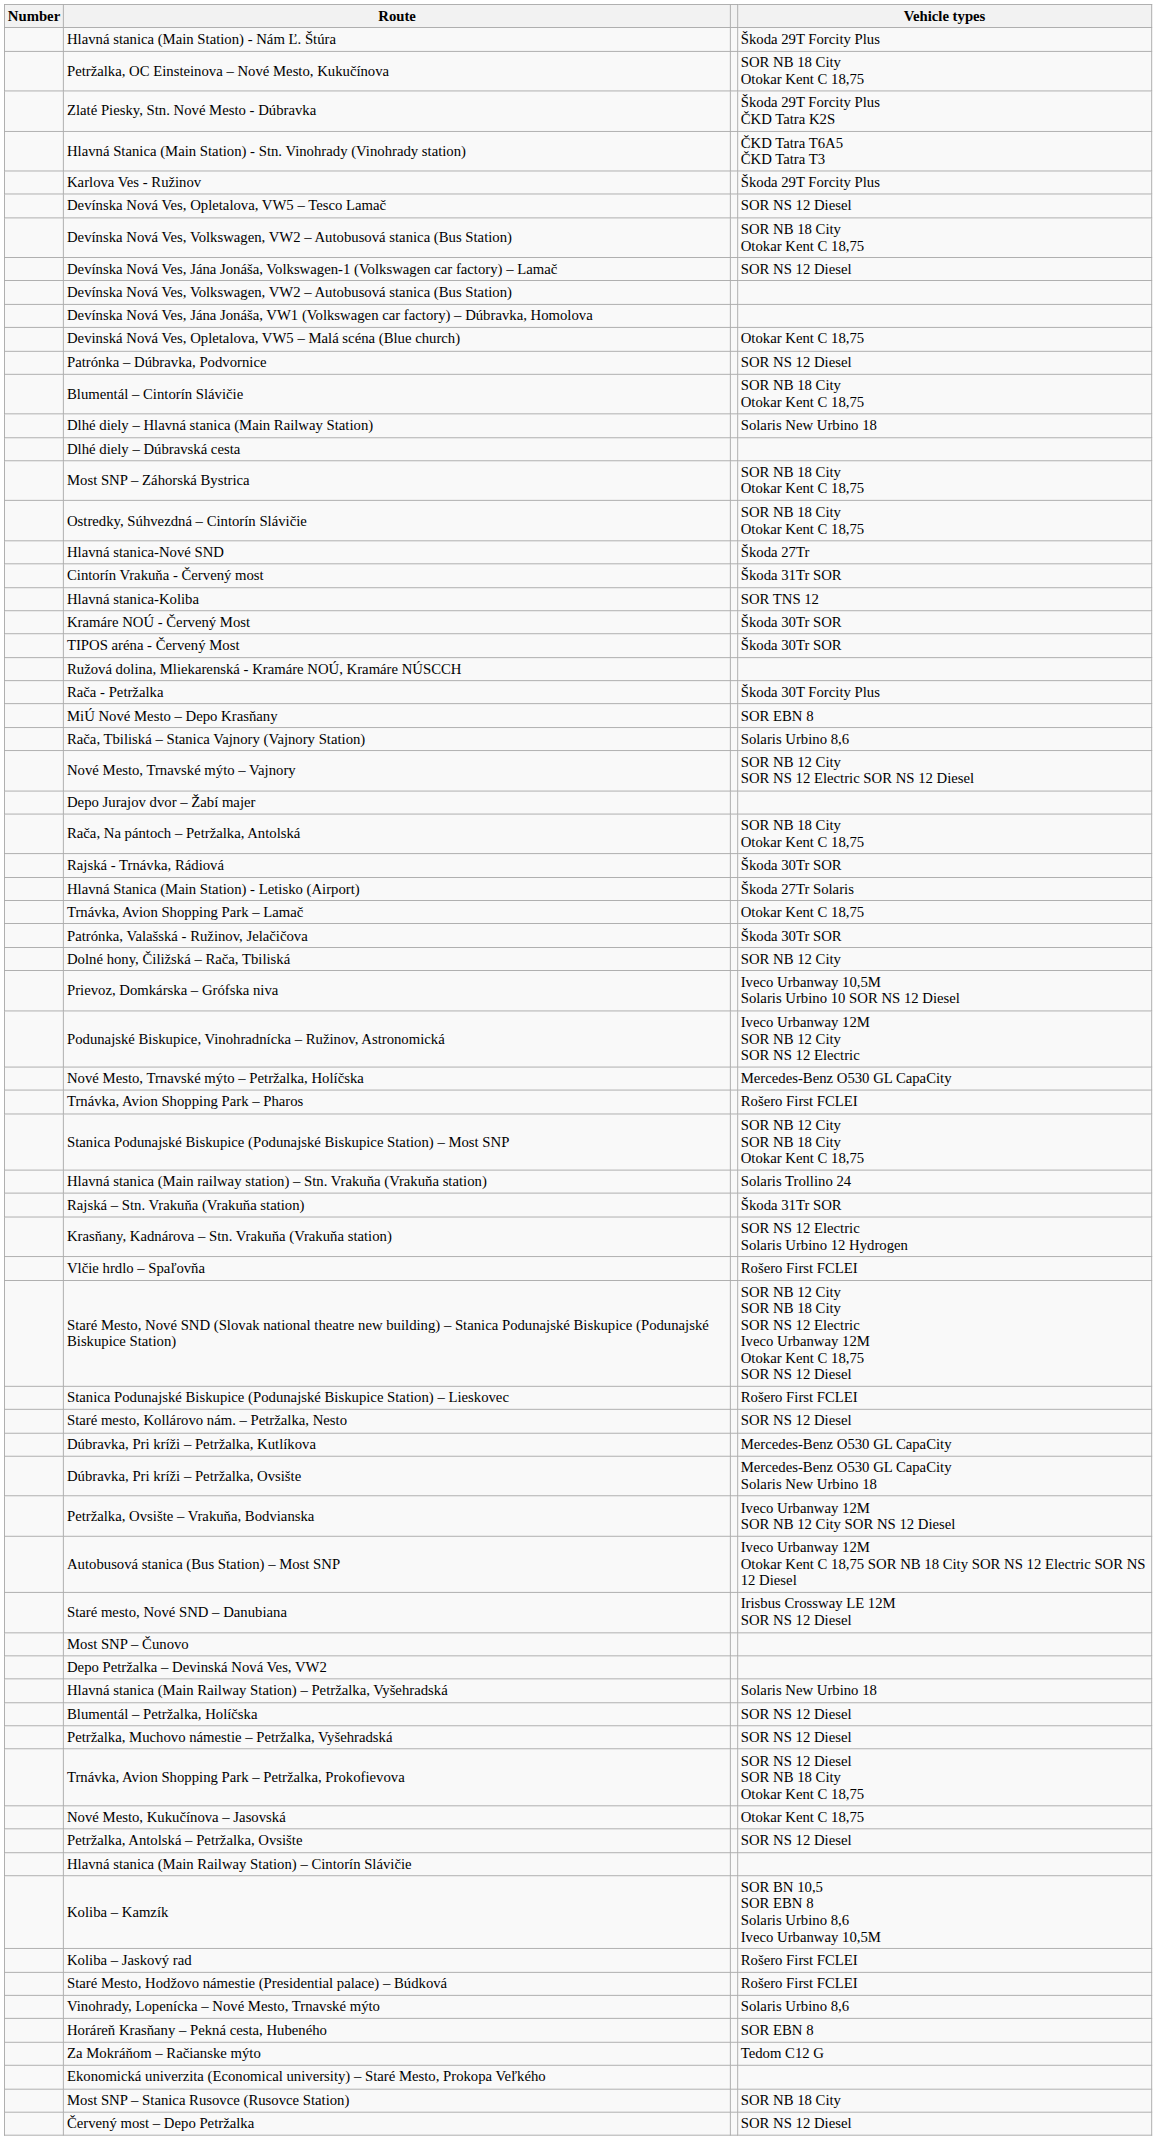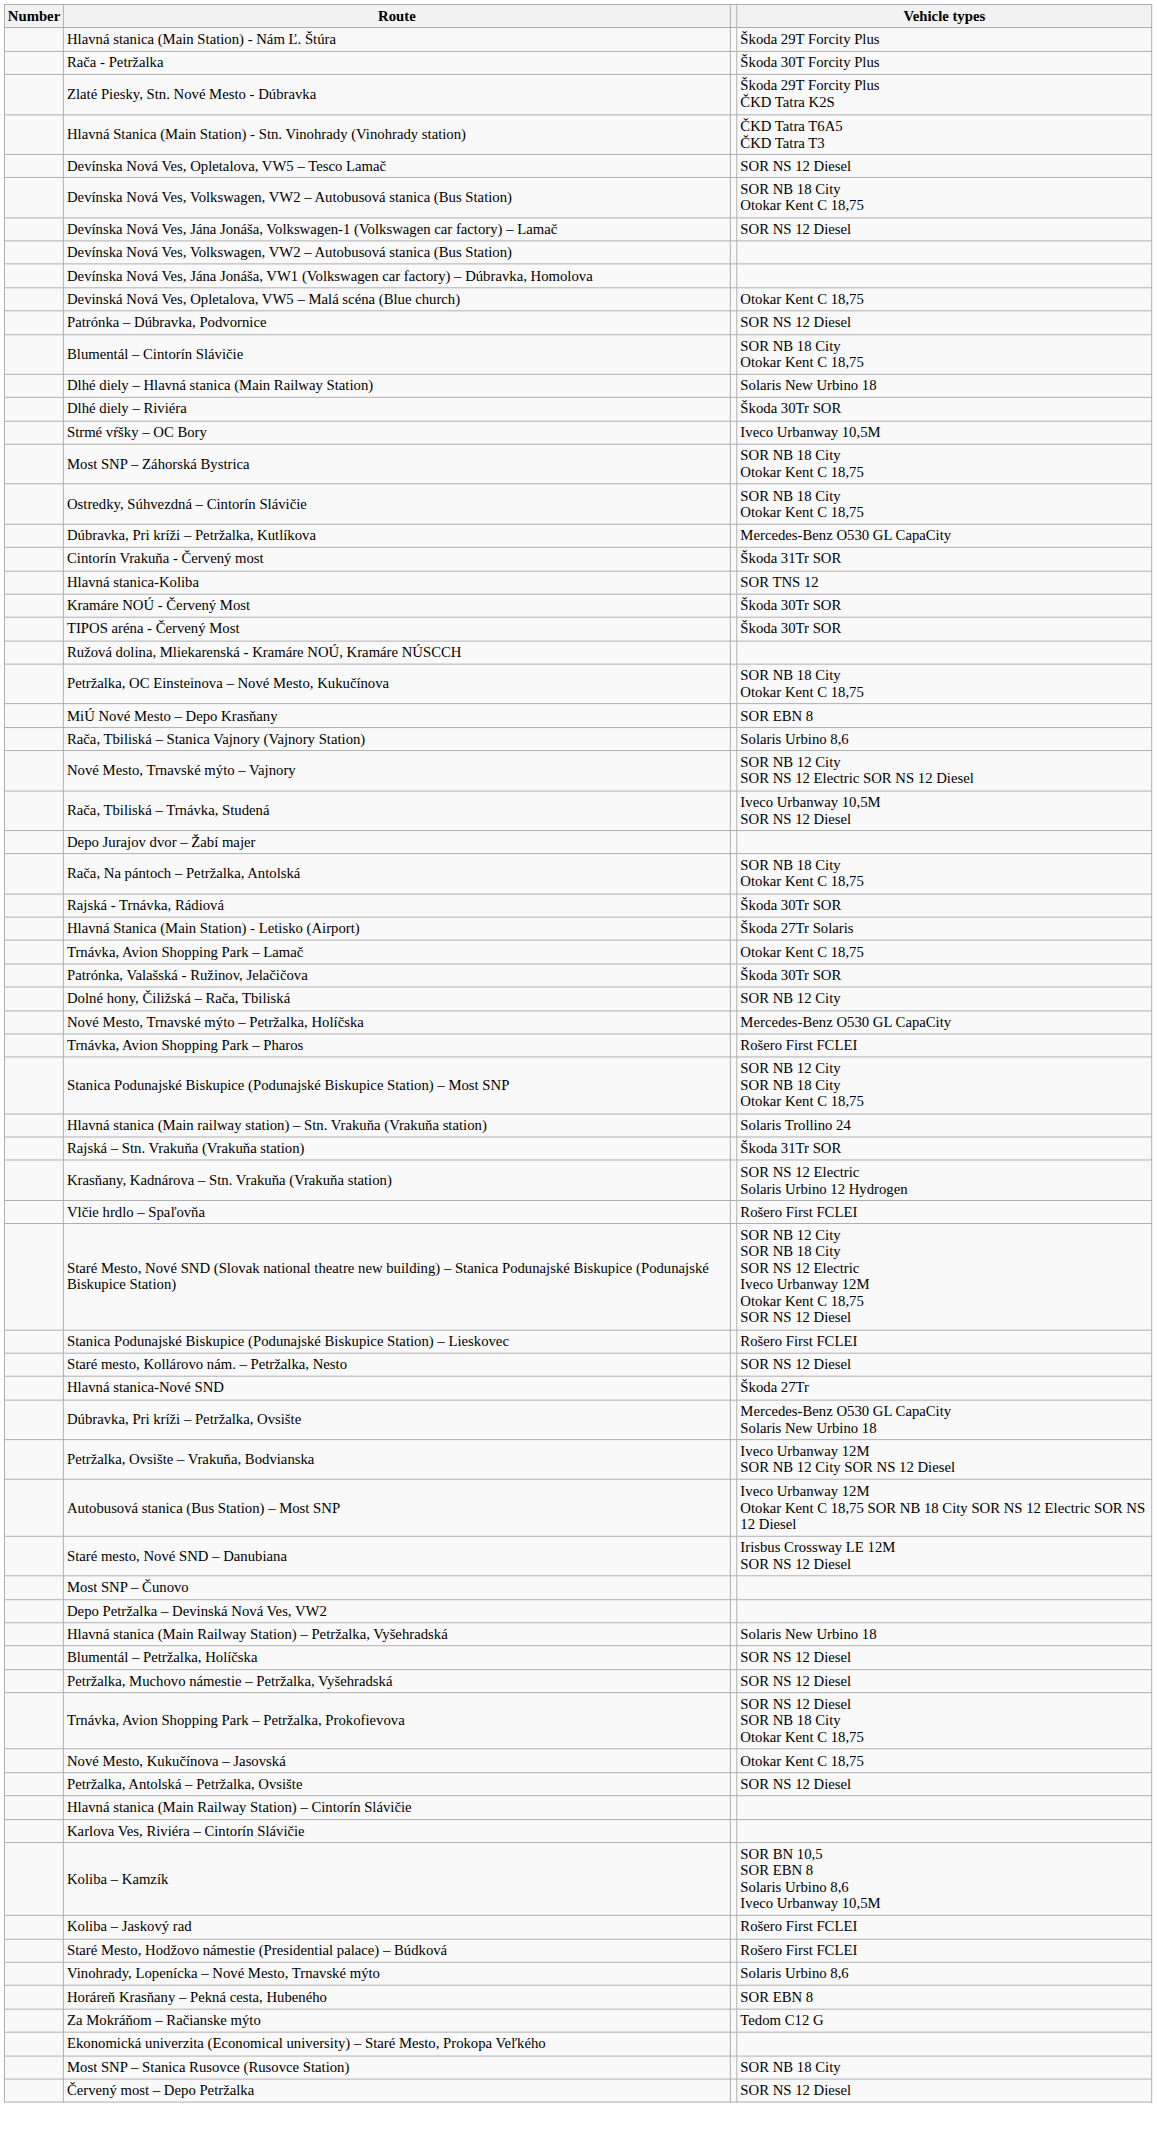 <table class="wikitable sortable">
 <tr>
 <th>Number</th>
 <th>Route</th>
 <th><abbr></abbr></th>
 <th>Vehicle types</th>
 </tr>
 <tr>
 <td><div></div></td>
 <td>Hlavná stanica (Main Station) - Nám Ľ. Štúra</td>
 <td></td>
 <td>Škoda 29T Forcity Plus</td>
 </tr>
 <tr>
 <td><div></div></td>
-<td>Petržalka, OC Einsteinova – Nové Mesto, Kukučínova</td>
+<td>Rača - Petržalka</td>
 <td></td>
-<td>SOR NB 18 City<br>Otokar Kent C 18,75</td>
+<td>Škoda 30T Forcity Plus</td>
 </tr>
 <tr>
 <td><div></div></td>
 <td>Zlaté Piesky, Stn. Nové Mesto - Dúbravka</td>
 <td></td>
 <td>Škoda 29T Forcity Plus<br>ČKD Tatra K2S</td>
 </tr>
 <tr>
 <td><div></div></td>
 <td>Hlavná Stanica (Main Station) - Stn. Vinohrady (Vinohrady station)</td>
 <td></td>
 <td>ČKD Tatra T6A5<br>ČKD Tatra T3</td>
-</tr>
-<tr>
-<td><div></div></td>
-<td>Karlova Ves - Ružinov</td>
-<td></td>
-<td>Škoda 29T Forcity Plus</td>
 </tr>
 <tr>
 <td><div></div></td>
 <td>Devínska Nová Ves, Opletalova, VW5 – Tesco Lamač</td>
 <td></td>
 <td>SOR NS 12 Diesel</td>
 </tr>
 <tr>
 <td><div></div></td>
 <td>Devínska Nová Ves, Volkswagen, VW2 – Autobusová stanica (Bus Station)</td>
 <td></td>
 <td>SOR NB 18 City<br>Otokar Kent C 18,75</td>
 </tr>
 <tr>
 <td><div></div></td>
 <td>Devínska Nová Ves, Jána Jonáša, Volkswagen-1 (Volkswagen car factory) – Lamač</td>
 <td></td>
 <td>SOR NS 12 Diesel</td>
 </tr>
 <tr>
 <td><div></div></td>
 <td>Devínska Nová Ves, Volkswagen, VW2 – Autobusová stanica (Bus Station)</td>
 <td></td>
 <td></td>
 </tr>
 <tr>
 <td><div></div></td>
 <td>Devínska Nová Ves, Jána Jonáša, VW1 (Volkswagen car factory) – Dúbravka, Homolova</td>
 <td></td>
 <td></td>
 </tr>
 <tr>
 <td><div></div></td>
 <td>Devinská Nová Ves, Opletalova, VW5 – Malá scéna (Blue church)</td>
 <td></td>
 <td>Otokar Kent C 18,75</td>
 </tr>
 <tr>
 <td><div></div></td>
 <td>Patrónka – Dúbravka, Podvornice</td>
 <td></td>
 <td>SOR NS 12 Diesel</td>
 </tr>
 <tr>
 <td><div></div></td>
 <td>Blumentál – Cintorín Slávičie</td>
 <td></td>
 <td>SOR NB 18 City<br>Otokar Kent C 18,75</td>
 </tr>
 <tr>
 <td><div></div></td>
 <td>Dlhé diely – Hlavná stanica (Main Railway Station)</td>
 <td></td>
 <td>Solaris New Urbino 18</td>
 </tr>
 <tr>
 <td><div></div></td>
-<td>Dlhé diely – Dúbravská cesta</td>
+<td>Dlhé diely – Riviéra</td>
 <td></td>
+<td>Škoda 30Tr SOR</td>
+</tr>
+<tr>
+<td><div></div></td>
+<td>Strmé vŕšky – OC Bory</td>
 <td></td>
+<td>Iveco Urbanway 10,5M</td>
 </tr>
 <tr>
 <td><div></div></td>
 <td>Most SNP – Záhorská Bystrica</td>
 <td></td>
 <td>SOR NB 18 City<br>Otokar Kent C 18,75</td>
 </tr>
 <tr>
 <td><div></div></td>
 <td>Ostredky, Súhvezdná – Cintorín Slávičie</td>
 <td></td>
 <td>SOR NB 18 City<br>Otokar Kent C 18,75</td>
 </tr>
 <tr>
 <td><div></div></td>
-<td>Hlavná stanica-Nové SND</td>
+<td>Dúbravka, Pri kríži – Petržalka, Kutlíkova</td>
 <td></td>
-<td>Škoda 27Tr</td>
+<td>Mercedes-Benz O530 GL CapaCity</td>
 </tr>
 <tr>
 <td><div></div></td>
 <td>Cintorín Vrakuňa - Červený most</td>
 <td></td>
 <td>Škoda 31Tr SOR</td>
 </tr>
 <tr>
 <td><div></div></td>
 <td>Hlavná stanica-Koliba</td>
 <td></td>
 <td>SOR TNS 12</td>
 </tr>
 <tr>
 <td><div></div></td>
 <td>Kramáre NOÚ - Červený Most</td>
 <td></td>
 <td>Škoda 30Tr SOR</td>
 </tr>
 <tr>
 <td><div></div></td>
 <td>TIPOS aréna - Červený Most</td>
 <td></td>
 <td>Škoda 30Tr SOR</td>
 </tr>
 <tr>
 <td><div></div></td>
 <td>Ružová dolina, Mliekarenská - Kramáre NOÚ, Kramáre NÚSCCH</td>
 <td></td>
 <td></td>
 </tr>
 <tr>
 <td><div></div></td>
-<td>Rača - Petržalka</td>
+<td>Petržalka, OC Einsteinova – Nové Mesto, Kukučínova</td>
 <td></td>
-<td>Škoda 30T Forcity Plus</td>
+<td>SOR NB 18 City<br>Otokar Kent C 18,75</td>
 </tr>
 <tr>
 <td><div></div></td>
 <td>MiÚ Nové Mesto – Depo Krasňany</td>
 <td></td>
 <td>SOR EBN 8</td>
 </tr>
 <tr>
 <td><div></div></td>
 <td>Rača, Tbiliská – Stanica Vajnory (Vajnory Station)</td>
 <td></td>
 <td>Solaris Urbino 8,6</td>
 </tr>
 <tr>
 <td><div></div></td>
 <td>Nové Mesto, Trnavské mýto – Vajnory</td>
 <td></td>
 <td>SOR NB 12 City<br>SOR NS 12 Electric SOR NS 12 Diesel</td>
+</tr>
+<tr>
+<td><div></div></td>
+<td>Rača, Tbiliská – Trnávka, Studená</td>
+<td></td>
+<td>Iveco Urbanway 10,5M<br>SOR NS 12 Diesel</td>
 </tr>
 <tr>
 <td><div></div></td>
 <td>Depo Jurajov dvor – Žabí majer</td>
 <td></td>
 <td></td>
 </tr>
 <tr>
 <td><div></div></td>
 <td>Rača, Na pántoch – Petržalka, Antolská</td>
 <td></td>
 <td>SOR NB 18 City<br>Otokar Kent C 18,75</td>
 </tr>
 <tr>
 <td><div></div></td>
 <td>Rajská - Trnávka, Rádiová</td>
 <td></td>
 <td>Škoda 30Tr SOR</td>
 </tr>
 <tr>
 <td><div></div></td>
 <td>Hlavná Stanica (Main Station) - Letisko (Airport)</td>
 <td></td>
 <td>Škoda 27Tr Solaris</td>
 </tr>
 <tr>
 <td><div></div></td>
 <td>Trnávka, Avion Shopping Park – Lamač</td>
 <td></td>
 <td>Otokar Kent C 18,75</td>
 </tr>
 <tr>
 <td><div></div></td>
 <td>Patrónka, Valašská - Ružinov, Jelačičova</td>
 <td></td>
 <td>Škoda 30Tr SOR</td>
 </tr>
 <tr>
 <td><div></div></td>
 <td>Dolné hony, Čiližská – Rača, Tbiliská</td>
 <td></td>
 <td>SOR NB 12 City</td>
-</tr>
-<tr>
-<td><div></div></td>
-<td>Prievoz, Domkárska – Grófska niva</td>
-<td></td>
-<td>Iveco Urbanway 10,5M<br>Solaris Urbino 10 SOR NS 12 Diesel</td>
-</tr>
-<tr>
-<td><div></div></td>
-<td>Podunajské Biskupice, Vinohradnícka – Ružinov, Astronomická</td>
-<td></td>
-<td>Iveco Urbanway 12M<br>SOR NB 12 City<br>SOR NS 12 Electric</td>
 </tr>
 <tr>
 <td><div></div></td>
 <td>Nové Mesto, Trnavské mýto – Petržalka, Holíčska</td>
 <td></td>
 <td>Mercedes-Benz O530 GL CapaCity</td>
 </tr>
 <tr>
 <td><div></div></td>
 <td>Trnávka, Avion Shopping Park – Pharos</td>
 <td></td>
 <td>Rošero First FCLEI</td>
 </tr>
 <tr>
 <td><div></div></td>
 <td>Stanica Podunajské Biskupice (Podunajské Biskupice Station) – Most SNP</td>
 <td></td>
 <td>SOR NB 12 City<br>SOR NB 18 City<br>Otokar Kent C 18,75</td>
 </tr>
 <tr>
 <td><div></div></td>
 <td>Hlavná stanica (Main railway station) – Stn. Vrakuňa (Vrakuňa station)</td>
 <td></td>
 <td>Solaris Trollino 24</td>
 </tr>
 <tr>
 <td><div></div></td>
 <td>Rajská – Stn. Vrakuňa (Vrakuňa station)</td>
 <td></td>
 <td>Škoda 31Tr SOR</td>
 </tr>
 <tr>
 <td><div></div></td>
 <td>Krasňany, Kadnárova – Stn. Vrakuňa (Vrakuňa station)</td>
 <td></td>
 <td>SOR NS 12 Electric<br>Solaris Urbino 12 Hydrogen</td>
 </tr>
 <tr>
 <td><div></div></td>
 <td>Vlčie hrdlo – Spaľovňa</td>
 <td></td>
 <td>Rošero First FCLEI</td>
 </tr>
 <tr>
 <td><div></div></td>
 <td>Staré Mesto, Nové SND (Slovak national theatre new building) – Stanica Podunajské Biskupice (Podunajské Biskupice Station)</td>
 <td></td>
 <td>SOR NB 12 City<br>SOR NB 18 City<br>SOR NS 12 Electric<br>Iveco Urbanway 12M<br>Otokar Kent C 18,75<br>SOR NS 12 Diesel</td>
 </tr>
 <tr>
 <td><div></div></td>
 <td>Stanica Podunajské Biskupice (Podunajské Biskupice Station) – Lieskovec</td>
 <td></td>
 <td>Rošero First FCLEI</td>
 </tr>
 <tr>
 <td><div></div></td>
 <td>Staré mesto, Kollárovo nám. – Petržalka, Nesto</td>
 <td></td>
 <td>SOR NS 12 Diesel</td>
 </tr>
 <tr>
 <td><div></div></td>
-<td>Dúbravka, Pri kríži – Petržalka, Kutlíkova</td>
+<td>Hlavná stanica-Nové SND</td>
 <td></td>
-<td>Mercedes-Benz O530 GL CapaCity</td>
+<td>Škoda 27Tr</td>
 </tr>
 <tr>
 <td><div></div></td>
 <td>Dúbravka, Pri kríži – Petržalka, Ovsište</td>
 <td></td>
 <td>Mercedes-Benz O530 GL CapaCity<br>Solaris New Urbino 18</td>
 </tr>
 <tr>
 <td><div></div></td>
 <td>Petržalka, Ovsište – Vrakuňa, Bodvianska</td>
 <td></td>
 <td>Iveco Urbanway 12M<br>SOR NB 12 City SOR NS 12 Diesel</td>
 </tr>
 <tr>
 <td><div></div></td>
 <td>Autobusová stanica (Bus Station) – Most SNP</td>
 <td></td>
 <td>Iveco Urbanway 12M<br>Otokar Kent C 18,75 SOR NB 18 City SOR NS 12 Electric SOR NS 12 Diesel</td>
 </tr>
 <tr>
 <td><div></div></td>
 <td>Staré mesto, Nové SND – Danubiana</td>
 <td></td>
 <td>Irisbus Crossway LE 12M<br>SOR NS 12 Diesel</td>
 </tr>
 <tr>
 <td><div></div></td>
 <td>Most SNP – Čunovo</td>
 <td></td>
 <td></td>
 </tr>
 <tr>
 <td><div></div></td>
 <td>Depo Petržalka – Devinská Nová Ves, VW2</td>
 <td></td>
 <td></td>
 </tr>
 <tr>
 <td><div></div></td>
 <td>Hlavná stanica (Main Railway Station) – Petržalka, Vyšehradská</td>
 <td></td>
 <td>Solaris New Urbino 18</td>
 </tr>
 <tr>
 <td><div></div></td>
 <td>Blumentál – Petržalka, Holíčska</td>
 <td></td>
 <td>SOR NS 12 Diesel</td>
 </tr>
 <tr>
 <td><div></div></td>
 <td>Petržalka, Muchovo námestie – Petržalka, Vyšehradská</td>
 <td></td>
 <td>SOR NS 12 Diesel</td>
 </tr>
 <tr>
 <td><div></div></td>
 <td>Trnávka, Avion Shopping Park – Petržalka, Prokofievova</td>
 <td></td>
 <td>SOR NS 12 Diesel<br>SOR NB 18 City<br>Otokar Kent C 18,75</td>
 </tr>
 <tr>
 <td><div></div></td>
 <td>Nové Mesto, Kukučínova – Jasovská</td>
 <td></td>
 <td>Otokar Kent C 18,75</td>
 </tr>
 <tr>
 <td><div></div></td>
 <td>Petržalka, Antolská – Petržalka, Ovsište</td>
 <td></td>
 <td>SOR NS 12 Diesel</td>
 </tr>
 <tr>
 <td><div></div></td>
 <td>Hlavná stanica (Main Railway Station) – Cintorín Slávičie</td>
 <td></td>
 <td></td>
 </tr>
 <tr>
 <td><div></div></td>
+<td>Karlova Ves, Riviéra – Cintorín Slávičie</td>
+<td></td>
+<td></td>
+</tr>
+<tr>
+<td><div></div></td>
 <td>Koliba – Kamzík</td>
 <td></td>
 <td>SOR BN 10,5<br>SOR EBN 8<br>Solaris Urbino 8,6<br>Iveco Urbanway 10,5M</td>
 </tr>
 <tr>
 <td><div></div></td>
 <td>Koliba – Jaskový rad</td>
 <td></td>
 <td>Rošero First FCLEI</td>
 </tr>
 <tr>
 <td><div></div></td>
 <td>Staré Mesto, Hodžovo námestie (Presidential palace) – Búdková</td>
 <td></td>
 <td>Rošero First FCLEI</td>
 </tr>
 <tr>
 <td><div></div></td>
 <td>Vinohrady, Lopenícka – Nové Mesto, Trnavské mýto</td>
 <td></td>
 <td>Solaris Urbino 8,6</td>
 </tr>
 <tr>
 <td><div></div></td>
 <td>Horáreň Krasňany – Pekná cesta, Hubeného</td>
 <td></td>
 <td>SOR EBN 8</td>
 </tr>
 <tr>
 <td><div></div></td>
 <td>Za Mokráňom – Račianske mýto</td>
 <td></td>
 <td>Tedom C12 G</td>
 </tr>
 <tr>
 <td><div></div></td>
 <td>Ekonomická univerzita (Economical university) – Staré Mesto, Prokopa Veľkého</td>
 <td></td>
 <td></td>
 </tr>
 <tr>
 <td><div></div></td>
 <td>Most SNP – Stanica Rusovce (Rusovce Station)</td>
 <td></td>
 <td>SOR NB 18 City</td>
 </tr>
 <tr>
 <td><div></div></td>
 <td>Červený most – Depo Petržalka</td>
 <td></td>
 <td>SOR NS 12 Diesel</td>
 </tr>
 </table>
